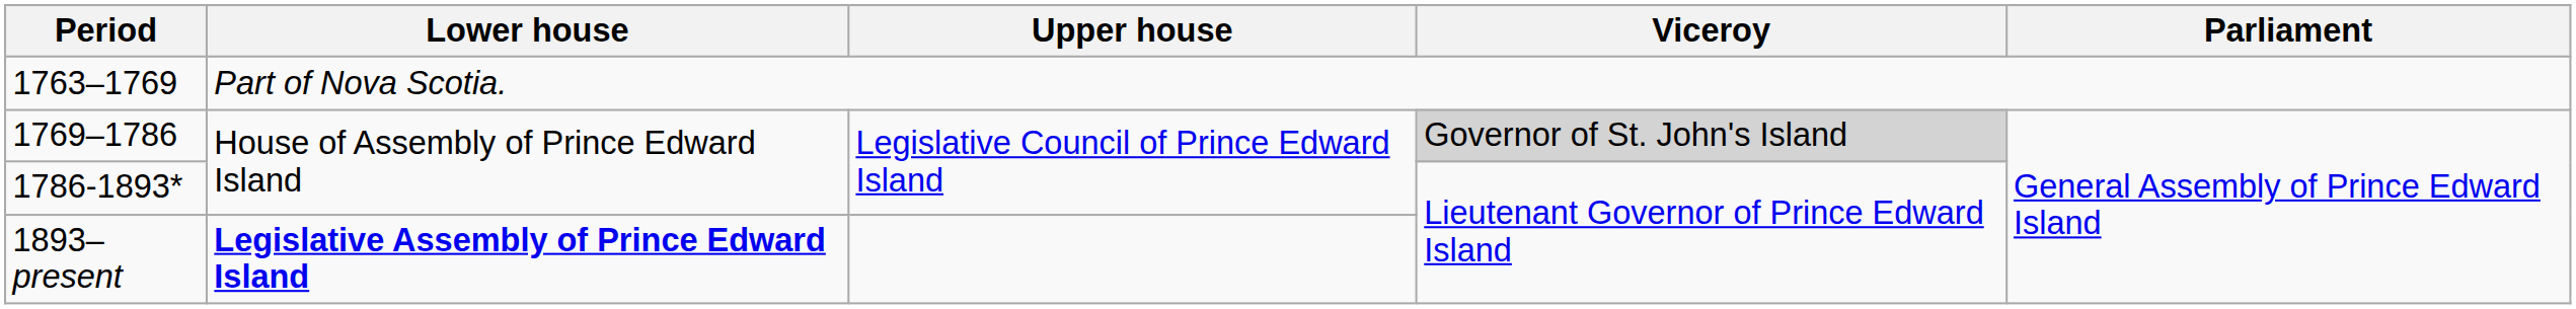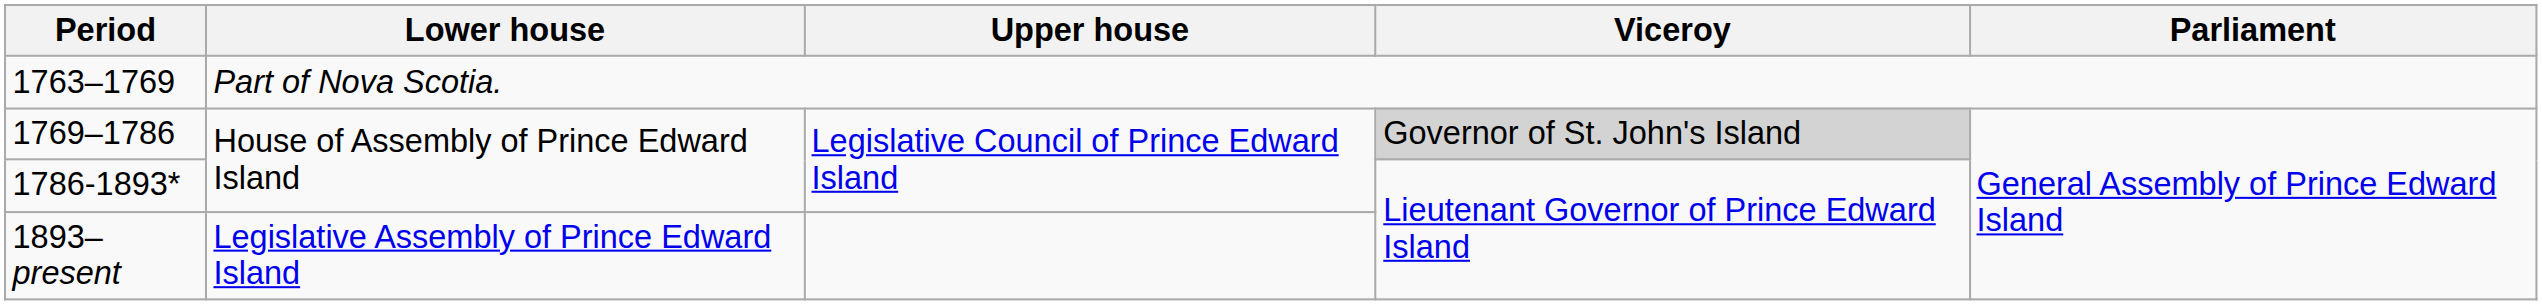 <table class="wikitable">
 <tr>
 <th>Period</th>
 <th>Lower house</th>
 <th>Upper house</th>
 <th>Viceroy</th>
 <th>Parliament</th>
 </tr>
 <tr>
 <td>1763–1769</td>
 <td colspan="4"><em>Part of Nova Scotia.</em></td>
 </tr>
 <tr>
 <td>1769–1786</td>
 <td rowspan="2">House of Assembly of Prince Edward Island</td>
 <td rowspan="2"><a href='#'>Legislative Council of Prince Edward Island</a></td>
 <td style="background: lightgrey;">Governor of St. John's Island</td>
 <td rowspan="3"><a href='#'>General Assembly of Prince Edward Island</a></td>
 </tr>
 <tr>
 <td>1786-1893*</td>
 <td rowspan="2"><a href='#'>Lieutenant Governor of Prince Edward Island</a></td>
 </tr>
 <tr>
 <td>1893–<em>present</em></td>
-<td><strong><a href='#'>Legislative Assembly of Prince Edward Island</a></strong></td>
+<td><a href='#'>Legislative Assembly of Prince Edward Island</a></td>
 <td></td>
 </tr>
 </table>
